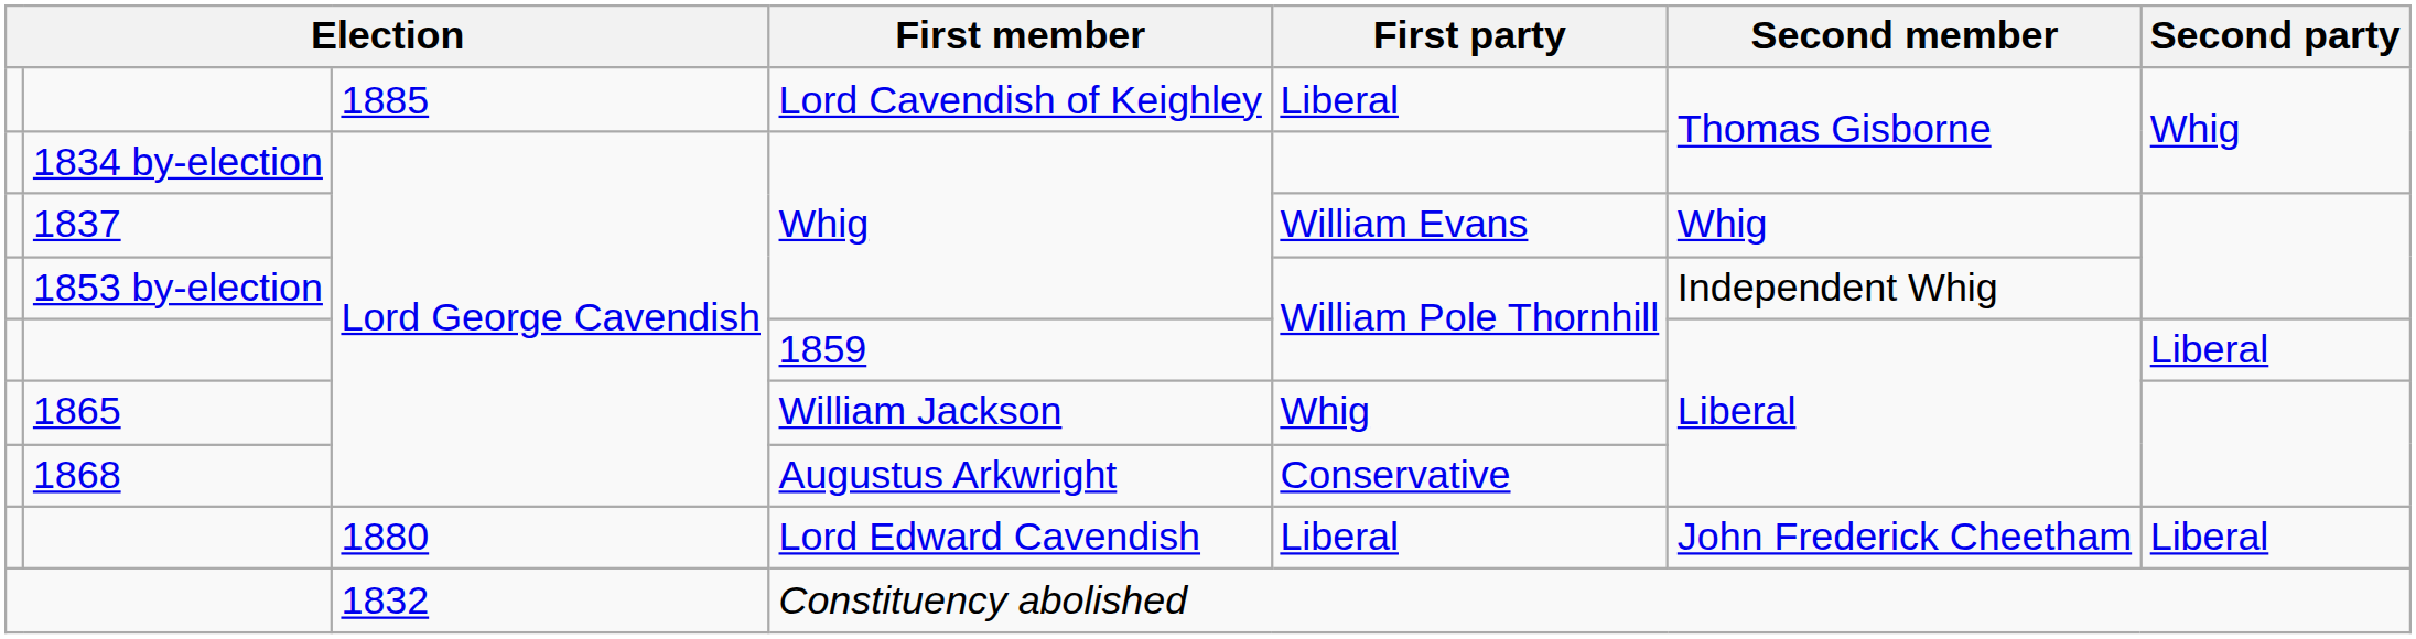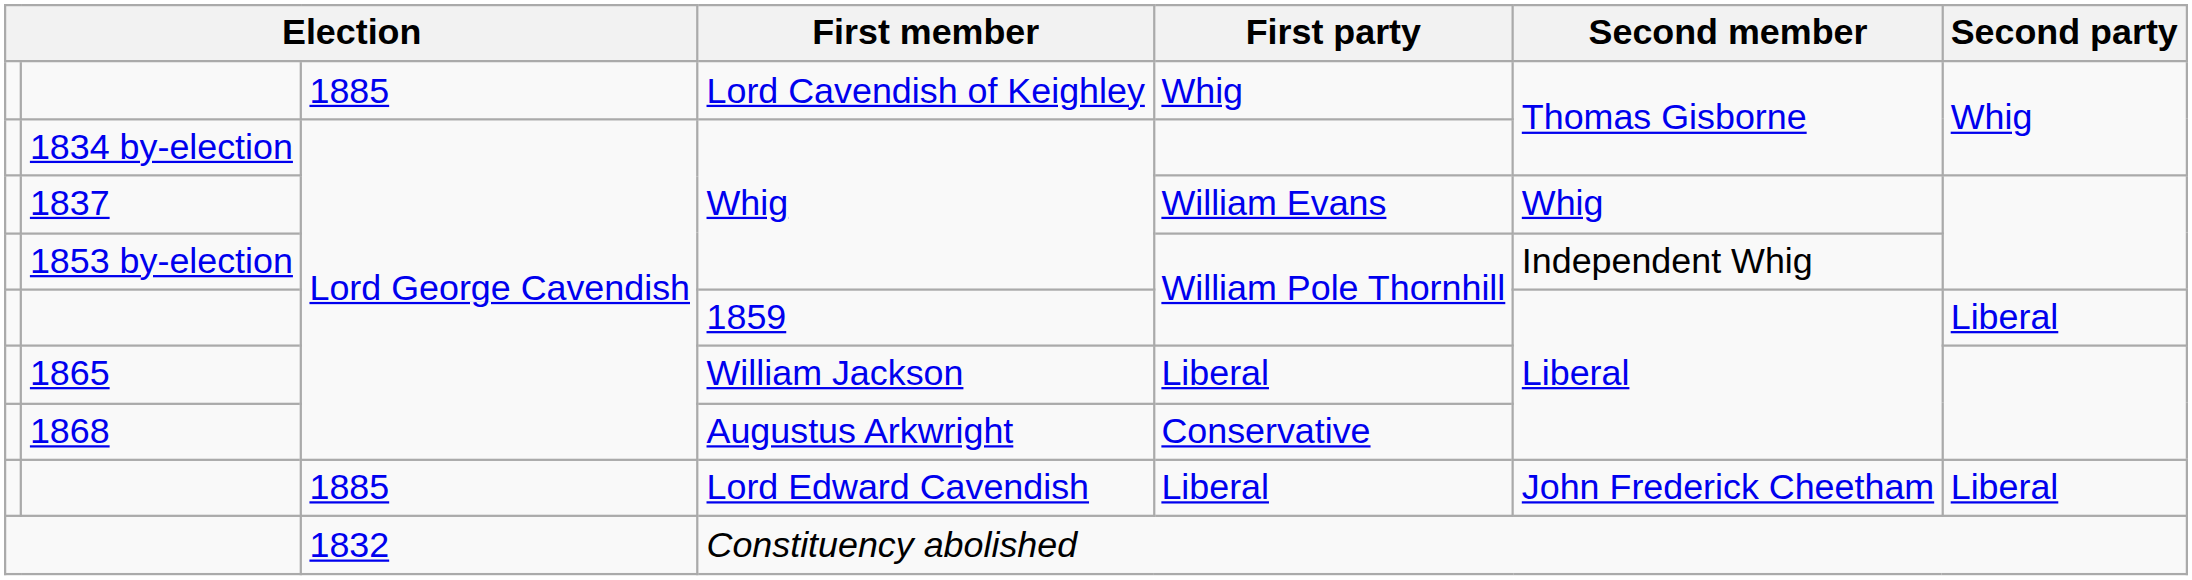 <table class="wikitable">
 <tr>
 <th colspan="3">Election</th>
 <th>First member</th>
 <th>First party</th>
 <th>Second member</th>
 <th>Second party</th>
 </tr>
 <tr>
 <td style="color:inherit;background-color: "></td>
 <td style="color:inherit;background-color: "></td>
 <td><a href='#'>1885</a></td>
 <td><a href='#'>Lord Cavendish of Keighley</a></td>
-<td><a href='#'>Liberal</a></td>
+<td><a href='#'>Whig</a></td>
 <td rowspan="2"><a href='#'>Thomas Gisborne</a></td>
 <td rowspan="2"><a href='#'>Whig</a></td>
 </tr>
 <tr>
 <td style="color:inherit;background-color: "></td>
 <td><a href='#'>1834 by-election</a></td>
 <td rowspan="6"><a href='#'>Lord George Cavendish</a></td>
 <td rowspan="3"><a href='#'>Whig</a></td>
 </tr>
 <tr>
 <td style="color:inherit;background-color: "></td>
 <td><a href='#'>1837</a></td>
 <td><a href='#'>William Evans</a></td>
 <td><a href='#'>Whig</a></td>
 </tr>
 <tr>
 <td style="color:inherit;background-color: "></td>
 <td><a href='#'>1853 by-election</a></td>
 <td rowspan="2"><a href='#'>William Pole Thornhill</a></td>
 <td>Independent Whig</td>
 </tr>
 <tr>
 <td style="color:inherit;background-color: "></td>
 <td style="color:inherit;background-color: "></td>
 <td><a href='#'>1859</a></td>
 <td rowspan="3"><a href='#'>Liberal</a></td>
 <td><a href='#'>Liberal</a></td>
 </tr>
 <tr>
 <td style="color:inherit;background-color: "></td>
 <td><a href='#'>1865</a></td>
 <td><a href='#'>William Jackson</a></td>
-<td><a href='#'>Whig</a></td>
+<td><a href='#'>Liberal</a></td>
 </tr>
 <tr>
 <td style="color:inherit;background-color: "></td>
 <td><a href='#'>1868</a></td>
 <td><a href='#'>Augustus Arkwright</a></td>
 <td><a href='#'>Conservative</a></td>
 </tr>
 <tr>
 <td style="color:inherit;background-color: "></td>
 <td style="color:inherit;background-color: "></td>
-<td><a href='#'>1880</a></td>
+<td><a href='#'>1885</a></td>
 <td><a href='#'>Lord Edward Cavendish</a></td>
 <td><a href='#'>Liberal</a></td>
 <td><a href='#'>John Frederick Cheetham</a></td>
 <td><a href='#'>Liberal</a></td>
 </tr>
 <tr>
 <td colspan="2"></td>
 <td><a href='#'>1832</a></td>
 <td colspan="6"><em>Constituency abolished</em></td>
 </tr>
 </table>
